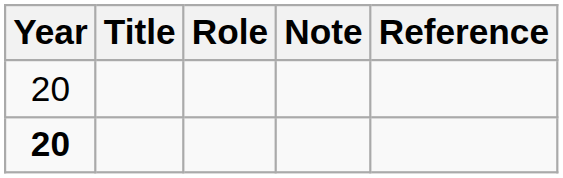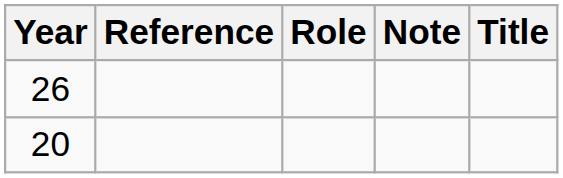 <table class="wikitable">
 <tr>
 <th>Year</th>
-<th>Title</th>
+<th>Reference</th>
 <th>Role</th>
 <th>Note</th>
-<th>Reference</th>
+<th>Title</th>
+</tr>
+<tr>
+<td align="center">26</td>
+<td align="center"></td>
+<td align="center"></td>
+<td align="center"></td>
+<td align="center"><em> </em></td>
 </tr>
 <tr>
 <td align="center">20</td>
-<td align="center"><em> </em></td>
 <td align="center"></td>
 <td align="center"></td>
-<td align="center"></td>
-</tr>
-<tr>
-<td align="center"><strong>20</strong></td>
+<td align = "center"></td>
 <td align="center"><em> </em></td>
-<td align="center"></td>
-<td align = "center"></td>
-<td align="center"></td>
 </tr>
 </table>
